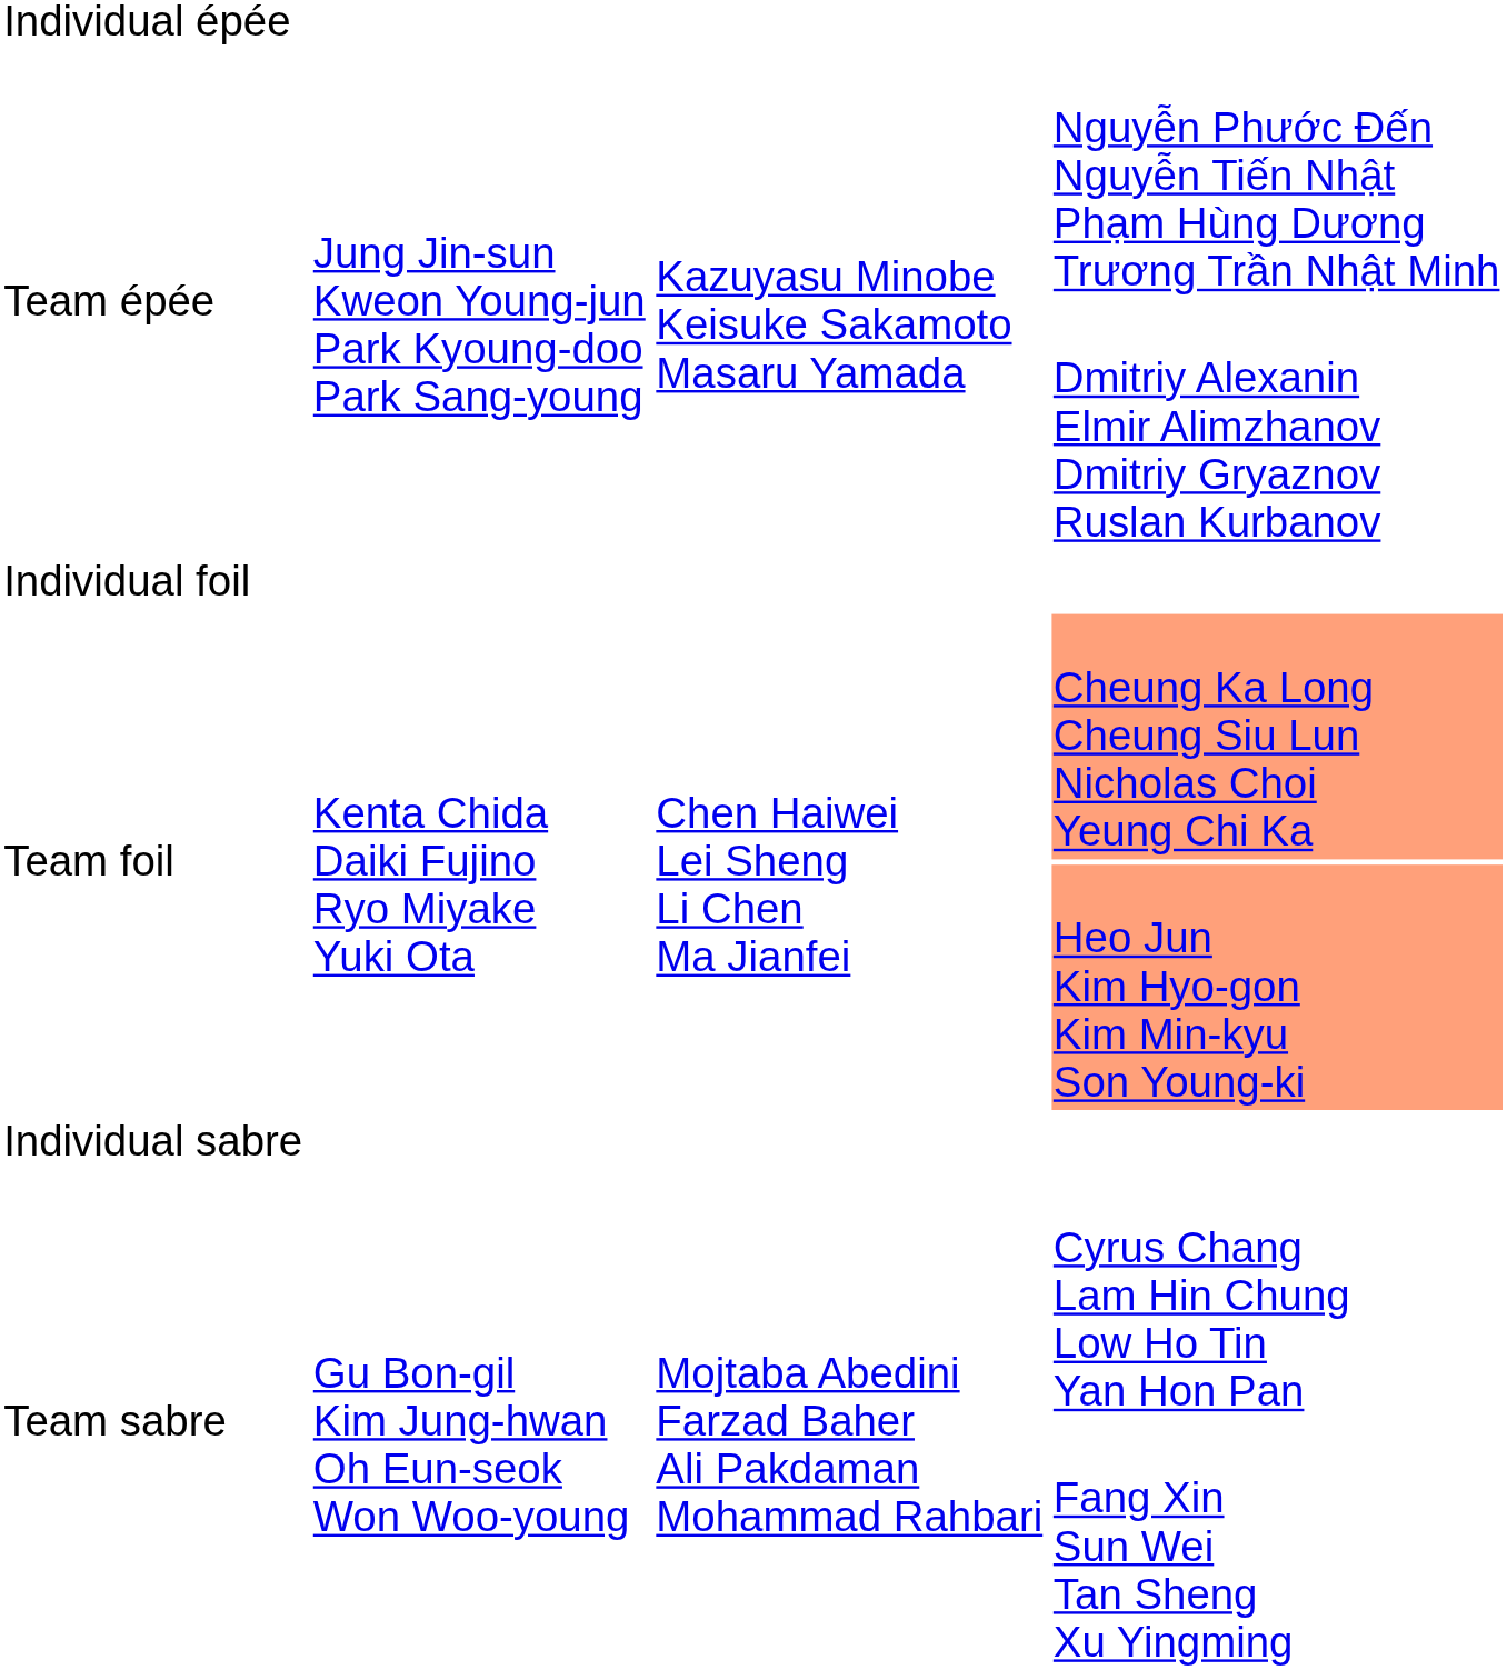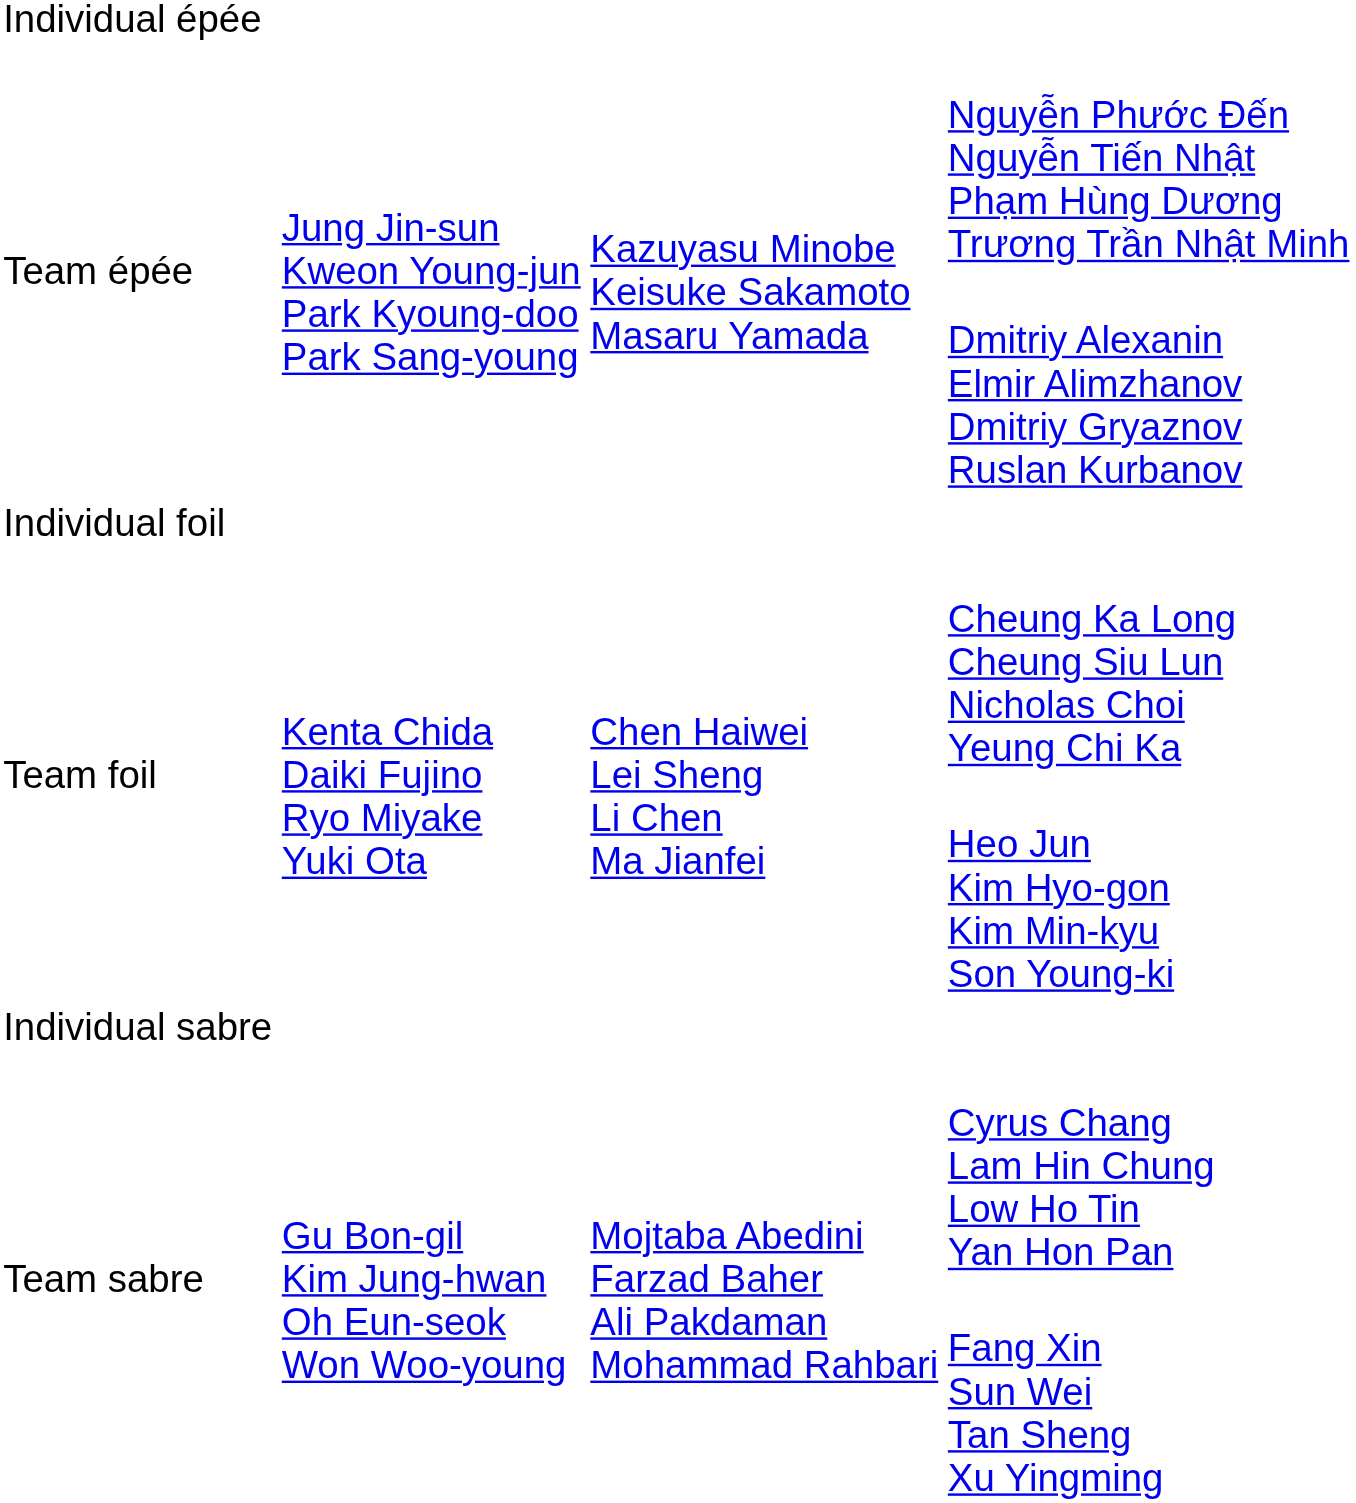 <table>
 <tr>
 <td rowspan=2>Individual épée<br></td>
 <td rowspan=2></td>
 <td rowspan=2></td>
 <td></td>
 </tr>
 <tr>
 <td></td>
 </tr>
 <tr>
 <td rowspan=2>Team épée<br></td>
 <td rowspan=2><br><a href='#'>Jung Jin-sun</a><br><a href='#'>Kweon Young-jun</a><br><a href='#'>Park Kyoung-doo</a><br><a href='#'>Park Sang-young</a></td>
 <td rowspan=2><br><a href='#'>Kazuyasu Minobe</a><br><a href='#'>Keisuke Sakamoto</a><br><a href='#'>Masaru Yamada</a></td>
 <td><br><a href='#'>Nguyễn Phước Đến</a><br><a href='#'>Nguyễn Tiến Nhật</a><br><a href='#'>Phạm Hùng Dương</a><br><a href='#'>Trương Trần Nhật Minh</a></td>
 </tr>
 <tr>
 <td><br><a href='#'>Dmitriy Alexanin</a><br><a href='#'>Elmir Alimzhanov</a><br><a href='#'>Dmitriy Gryaznov</a><br><a href='#'>Ruslan Kurbanov</a></td>
 </tr>
 <tr>
 <td rowspan=2>Individual foil<br></td>
 <td rowspan=2></td>
 <td rowspan=2></td>
 <td></td>
 </tr>
 <tr>
 <td></td>
 </tr>
 <tr>
 <td rowspan=2>Team foil<br></td>
 <td rowspan=2><br><a href='#'>Kenta Chida</a><br><a href='#'>Daiki Fujino</a><br><a href='#'>Ryo Miyake</a><br><a href='#'>Yuki Ota</a></td>
 <td rowspan=2><br><a href='#'>Chen Haiwei</a><br><a href='#'>Lei Sheng</a><br><a href='#'>Li Chen</a><br><a href='#'>Ma Jianfei</a></td>
-<td style="background: lightsalmon;"><br><a href='#'>Cheung Ka Long</a><br><a href='#'>Cheung Siu Lun</a><br><a href='#'>Nicholas Choi</a><br><a href='#'>Yeung Chi Ka</a></td>
+<td><br><a href='#'>Cheung Ka Long</a><br><a href='#'>Cheung Siu Lun</a><br><a href='#'>Nicholas Choi</a><br><a href='#'>Yeung Chi Ka</a></td>
 </tr>
 <tr>
-<td style="background: lightsalmon;"><br><a href='#'>Heo Jun</a><br><a href='#'>Kim Hyo-gon</a><br><a href='#'>Kim Min-kyu</a><br><a href='#'>Son Young-ki</a></td>
+<td><br><a href='#'>Heo Jun</a><br><a href='#'>Kim Hyo-gon</a><br><a href='#'>Kim Min-kyu</a><br><a href='#'>Son Young-ki</a></td>
 </tr>
 <tr>
 <td rowspan=2>Individual sabre<br></td>
 <td rowspan=2></td>
 <td rowspan=2></td>
 <td></td>
 </tr>
 <tr>
 <td></td>
 </tr>
 <tr>
 <td rowspan=2>Team sabre<br></td>
 <td rowspan=2><br><a href='#'>Gu Bon-gil</a><br><a href='#'>Kim Jung-hwan</a><br><a href='#'>Oh Eun-seok</a><br><a href='#'>Won Woo-young</a></td>
 <td rowspan=2><br><a href='#'>Mojtaba Abedini</a><br><a href='#'>Farzad Baher</a><br><a href='#'>Ali Pakdaman</a><br><a href='#'>Mohammad Rahbari</a></td>
 <td><br><a href='#'>Cyrus Chang</a><br><a href='#'>Lam Hin Chung</a><br><a href='#'>Low Ho Tin</a><br><a href='#'>Yan Hon Pan</a></td>
 </tr>
 <tr>
 <td><br><a href='#'>Fang Xin</a><br><a href='#'>Sun Wei</a><br><a href='#'>Tan Sheng</a><br><a href='#'>Xu Yingming</a></td>
 </tr>
 </table>
